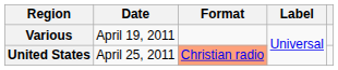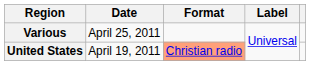 <table class="wikitable plainrowheaders">
 <tr>
 <th scope="col">Region</th>
 <th scope="col">Date</th>
 <th scope="col">Format</th>
 <th scope="col">Label</th>
 <th scope="col"></th>
 </tr>
 <tr>
 <th scope="row">Various</th>
-<td>April 19, 2011</td>
+<td>April 25, 2011</td>
 <td></td>
 <td rowspan="2"><a href='#'>Universal</a></td>
 <td></td>
 </tr>
 <tr>
 <th scope="row">United States</th>
-<td>April 25, 2011</td>
+<td>April 19, 2011</td>
 <td style="background: lightsalmon;"><a href='#'>Christian radio</a></td>
 <td></td>
 </tr>
 </table>
